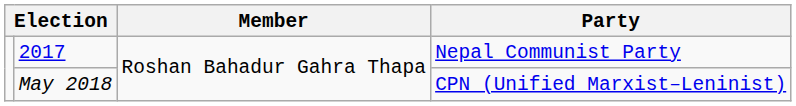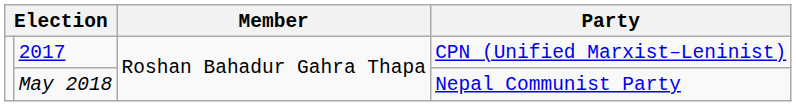 <table class="wikitable">
 <tr>
 <th colspan="2">Election</th>
 <th>Member</th>
 <th>Party</th>
 </tr>
 <tr>
 <td rowspan="2" style="background-color:"></td>
 <td><a href='#'>2017</a></td>
 <td rowspan="2">Roshan Bahadur Gahra Thapa</td>
-<td><a href='#'>Nepal Communist Party</a></td>
+<td><a href='#'>CPN (Unified Marxist–Leninist)</a></td>
 </tr>
 <tr>
 <td><em>May 2018</em></td>
-<td><a href='#'>CPN (Unified Marxist–Leninist)</a></td>
+<td><a href='#'>Nepal Communist Party</a></td>
 </tr>
 </table>
